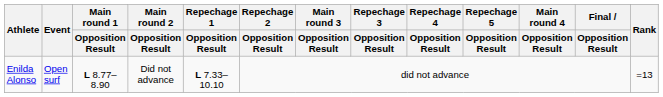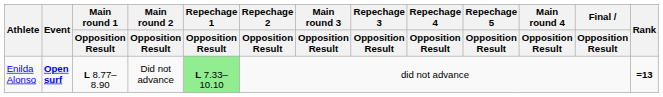 <table class="wikitable" style="font-size:85%">
 <tr>
 <th rowspan="2">Athlete</th>
 <th rowspan="2">Event</th>
 <th>Main round 1</th>
 <th>Main round 2</th>
 <th>Repechage 1</th>
 <th>Repechage 2</th>
 <th>Main round 3</th>
 <th>Repechage 3</th>
 <th>Repechage 4</th>
 <th>Repechage 5</th>
 <th>Main round 4</th>
 <th>Final  / </th>
 <th rowspan="2">Rank</th>
 </tr>
 <tr>
 <th>Opposition<br>Result</th>
 <th>Opposition<br>Result</th>
 <th>Opposition<br>Result</th>
 <th>Opposition<br>Result</th>
 <th>Opposition<br>Result</th>
 <th>Opposition<br>Result</th>
 <th>Opposition<br>Result</th>
 <th>Opposition<br>Result</th>
 <th>Opposition<br>Result</th>
 <th>Opposition<br>Result</th>
 </tr>
 <tr align=center>
 <td align=left><a href='#'>Enilda Alonso</a></td>
-<td align=left><a href='#'>Open surf</a></td>
+<td align=left><strong><a href='#'>Open surf</a></strong></td>
 <td><br><strong>L</strong> 8.77–8.90</td>
 <td>Did not advance</td>
-<td><br><strong>L</strong> 7.33–10.10</td>
+<td style="background: lightgreen;"><br><strong>L</strong> 7.33–10.10</td>
 <td colspan=7>did not advance</td>
-<td>=13</td>
+<td><strong>=13</strong></td>
 </tr>
 </table>
